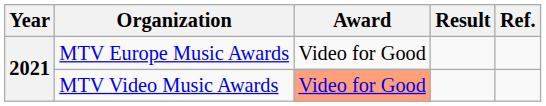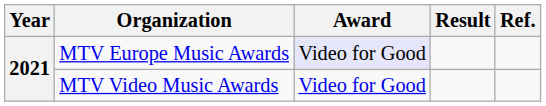 <table class="wikitable">
 <tr>
 <th>Year</th>
 <th>Organization</th>
 <th>Award</th>
 <th>Result</th>
 <th>Ref.</th>
 </tr>
 <tr>
 <th rowspan="4">2021</th>
 <td><a href='#'>MTV Europe Music Awards</a></td>
-<td>Video for Good</td>
+<td style="background: lavender;">Video for Good</td>
 <td></td>
 <td></td>
 </tr>
 <tr>
 <td rowspan="2"><a href='#'>MTV Video Music Awards</a></td>
-<td style="background: lightsalmon;"><a href='#'>Video for Good</a></td>
+<td><a href='#'>Video for Good</a></td>
 <td></td>
 <td></td>
 </tr>
 </table>
